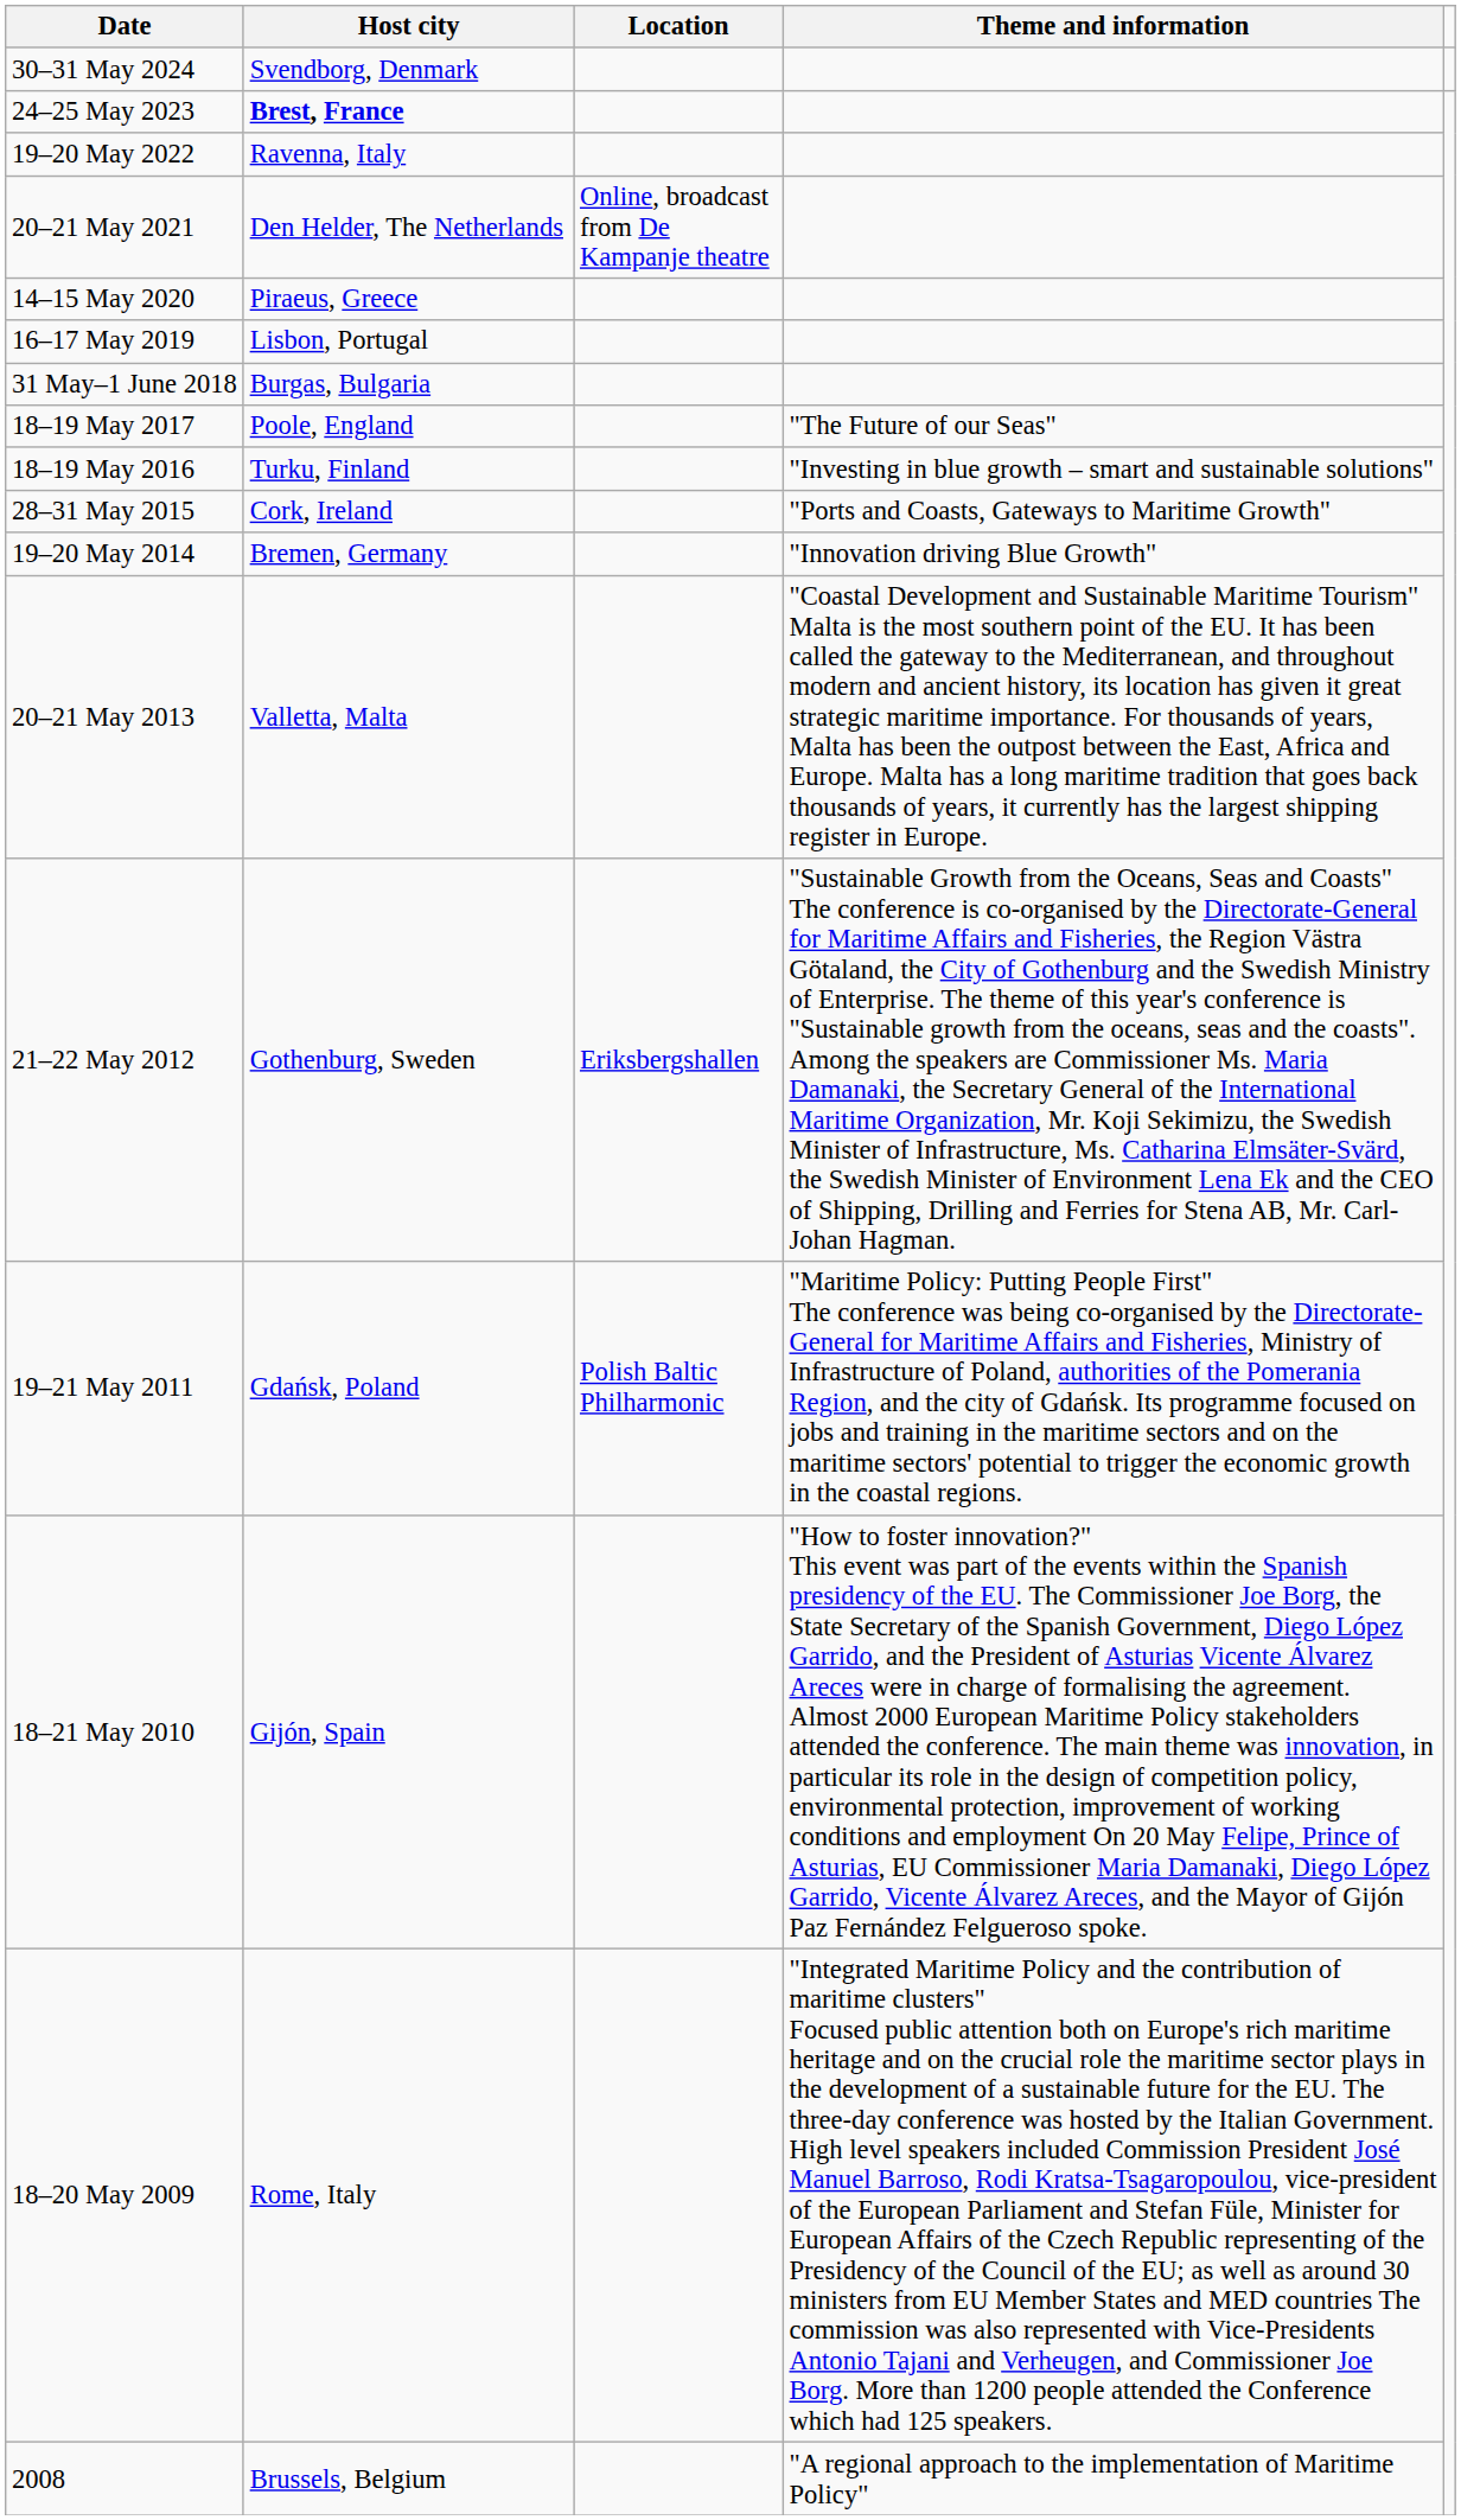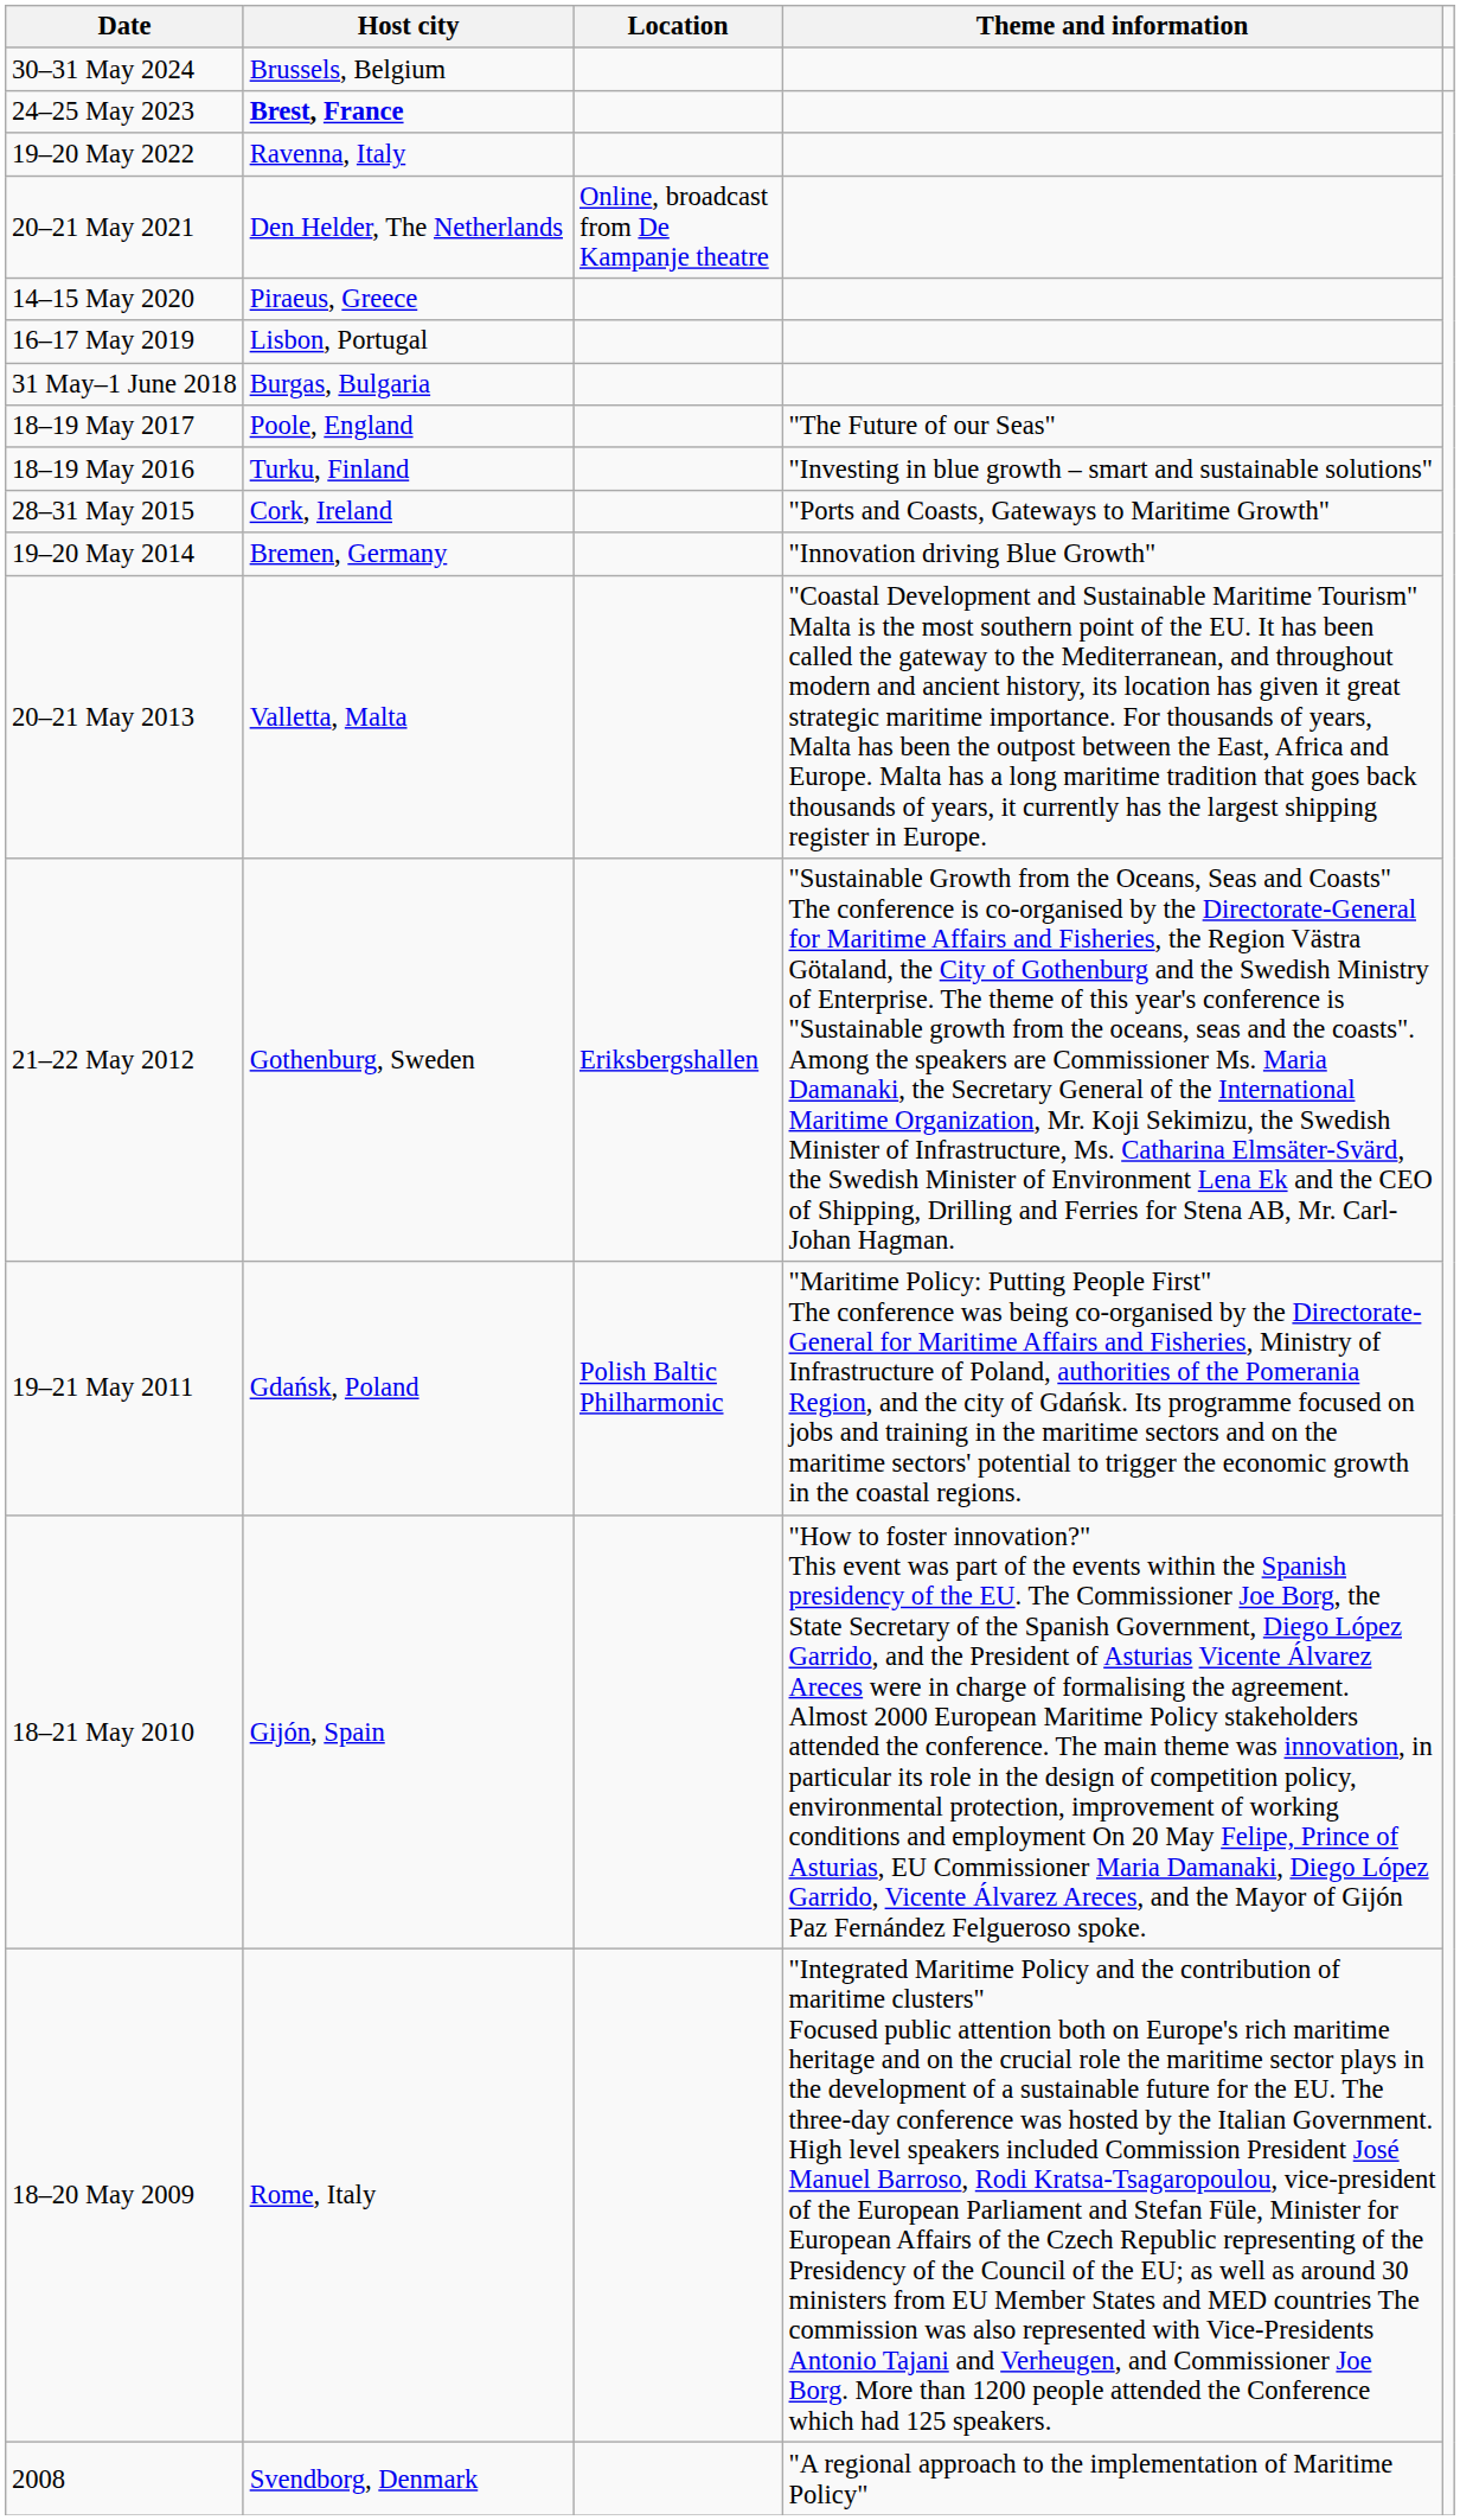 <table class="wikitable">
 <tr>
 <th style="width: 135px;">Date</th>
 <th style="width: 190px;">Host city</th>
 <th>Location</th>
 <th>Theme and information</th>
 </tr>
 <tr>
 <td>30–31 May 2024</td>
-<td><a href='#'>Svendborg</a>, <a href='#'>Denmark</a></td>
+<td><a href='#'>Brussels</a>, Belgium</td>
 <td></td>
 <td></td>
 <td></td>
 </tr>
 <tr>
 <td>24–25 May 2023</td>
 <td><strong><a href='#'>Brest</a>, <a href='#'>France</a></strong></td>
 <td></td>
 <td></td>
 </tr>
 <tr>
 <td>19–20 May 2022</td>
 <td><a href='#'>Ravenna</a>, <a href='#'>Italy</a></td>
 <td></td>
 <td></td>
 </tr>
 <tr>
 <td>20–21 May 2021</td>
 <td><a href='#'>Den Helder</a>, The <a href='#'>Netherlands</a></td>
 <td><a href='#'>Online</a>, broadcast from <a href='#'>De Kampanje theatre</a></td>
 <td></td>
 </tr>
 <tr>
 <td>14–15 May 2020</td>
 <td><a href='#'>Piraeus</a>, <a href='#'>Greece</a></td>
 <td></td>
 <td></td>
 </tr>
 <tr>
 <td>16–17 May 2019</td>
 <td><a href='#'>Lisbon</a>, Portugal</td>
 <td></td>
 <td></td>
 </tr>
 <tr>
 <td>31 May–1 June 2018</td>
 <td><a href='#'>Burgas</a>, <a href='#'>Bulgaria</a></td>
 <td></td>
 <td></td>
 </tr>
 <tr>
 <td>18–19 May 2017</td>
 <td><a href='#'>Poole</a>, <a href='#'>England</a></td>
 <td></td>
 <td>"The Future of our Seas"</td>
 </tr>
 <tr>
 <td>18–19 May 2016</td>
 <td><a href='#'>Turku</a>, <a href='#'>Finland</a></td>
 <td></td>
 <td>"Investing in blue growth – smart and sustainable solutions"</td>
 </tr>
 <tr>
 <td>28–31 May 2015</td>
 <td><a href='#'>Cork</a>, <a href='#'>Ireland</a></td>
 <td></td>
 <td>"Ports and Coasts, Gateways to Maritime Growth"</td>
 </tr>
 <tr>
 <td>19–20 May 2014</td>
 <td><a href='#'>Bremen</a>, <a href='#'>Germany</a></td>
 <td></td>
 <td>"Innovation driving Blue Growth"</td>
 </tr>
 <tr>
 <td>20–21 May 2013</td>
 <td><a href='#'>Valletta</a>, <a href='#'>Malta</a></td>
 <td></td>
 <td>"Coastal Development and Sustainable Maritime Tourism"<br>Malta is the most southern point of the EU. It has been called the gateway to the Mediterranean, and throughout modern and ancient history, its location has given it great strategic maritime importance. For thousands of years, Malta has been the outpost between the East, Africa and Europe. Malta has a long maritime tradition that goes back thousands of years, it currently has the largest shipping register in Europe.</td>
 </tr>
 <tr>
 <td>21–22 May 2012</td>
 <td><a href='#'>Gothenburg</a>, Sweden</td>
 <td><a href='#'>Eriksbergshallen</a></td>
 <td>"Sustainable Growth from the Oceans, Seas and Coasts"<br>The conference is co-organised by the <a href='#'>Directorate-General for Maritime Affairs and Fisheries</a>, the Region Västra Götaland, the <a href='#'>City of Gothenburg</a> and the Swedish Ministry of Enterprise. The theme of this year's conference is "Sustainable growth from the oceans, seas and the coasts". Among the speakers are Commissioner Ms. <a href='#'>Maria Damanaki</a>, the Secretary General of the <a href='#'>International Maritime Organization</a>, Mr. Koji Sekimizu, the Swedish Minister of Infrastructure, Ms. <a href='#'>Catharina Elmsäter-Svärd</a>, the Swedish Minister of Environment <a href='#'>Lena Ek</a> and the CEO of Shipping, Drilling and Ferries for Stena AB, Mr. Carl-Johan Hagman.</td>
 </tr>
 <tr>
 <td>19–21 May 2011</td>
 <td><a href='#'>Gdańsk</a>, <a href='#'>Poland</a></td>
 <td><a href='#'>Polish Baltic Philharmonic</a></td>
 <td>"Maritime Policy: Putting People First"<br>The conference was being co-organised by the <a href='#'>Directorate-General for Maritime Affairs and Fisheries</a>, Ministry of Infrastructure of Poland, <a href='#'>authorities of the Pomerania Region</a>, and the city of Gdańsk. Its programme focused on jobs and training in the maritime sectors and on the maritime sectors' potential to trigger the economic growth in the coastal regions.</td>
 </tr>
 <tr>
 <td>18–21 May 2010</td>
 <td><a href='#'>Gijón</a>, <a href='#'>Spain</a></td>
 <td></td>
 <td>"How to foster innovation?"<br>This event was part of the events within the <a href='#'>Spanish presidency of the EU</a>. The Commissioner <a href='#'>Joe Borg</a>, the State Secretary of the Spanish Government, <a href='#'>Diego López Garrido</a>, and the President of <a href='#'>Asturias</a> <a href='#'>Vicente Álvarez Areces</a> were in charge of formalising the agreement.<br>Almost 2000 European Maritime Policy stakeholders attended the conference. The main theme was <a href='#'>innovation</a>, in particular its role in the design of competition policy, environmental protection, improvement of working conditions and employment On 20 May <a href='#'>Felipe, Prince of Asturias</a>, EU Commissioner <a href='#'>Maria Damanaki</a>, <a href='#'>Diego López Garrido</a>, <a href='#'>Vicente Álvarez Areces</a>, and the Mayor of Gijón Paz Fernández Felgueroso spoke.</td>
 </tr>
 <tr>
 <td>18–20 May 2009</td>
 <td><a href='#'>Rome</a>, Italy</td>
 <td></td>
 <td>"Integrated Maritime Policy and the contribution of maritime clusters"<br>Focused public attention both on Europe's rich maritime heritage and on the crucial role the maritime sector plays in the development of a sustainable future for the EU. The three-day conference was hosted by the Italian Government. High level speakers included Commission President <a href='#'>José Manuel Barroso</a>, <a href='#'>Rodi Kratsa-Tsagaropoulou</a>, vice-president of the European Parliament and Stefan Füle, Minister for European Affairs of the Czech Republic representing of the Presidency of the Council of the EU; as well as around 30 ministers from EU Member States and MED countries The commission was also represented with Vice-Presidents <a href='#'>Antonio Tajani</a> and <a href='#'>Verheugen</a>, and Commissioner <a href='#'>Joe Borg</a>. More than 1200 people attended the Conference which had 125 speakers.</td>
 </tr>
 <tr>
 <td>2008</td>
-<td><a href='#'>Brussels</a>, Belgium</td>
+<td><a href='#'>Svendborg</a>, <a href='#'>Denmark</a></td>
 <td></td>
 <td>"A regional approach to the implementation of Maritime Policy"</td>
 </tr>
 </table>
